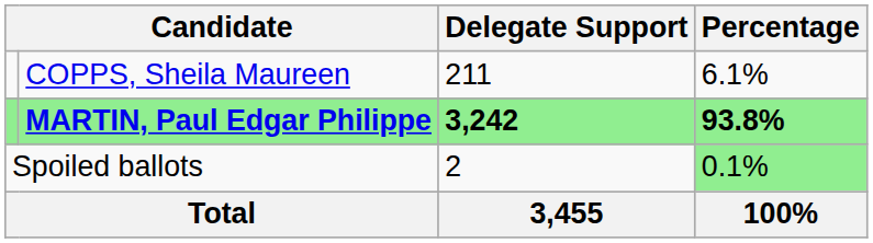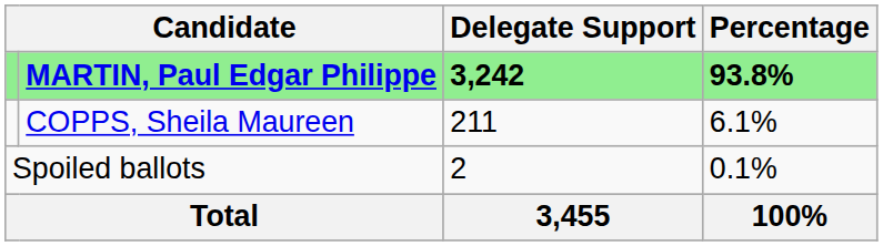 <table class="wikitable">
 <tr>
 <th colspan="2">Candidate</th>
 <th>Delegate Support</th>
 <th>Percentage</th>
-</tr>
-<tr>
-<td></td>
-<td><a href='#'>COPPS, Sheila Maureen</a></td>
-<td>211</td>
-<td>6.1%</td>
 </tr>
 <tr style="background:lightgreen;">
 <td></td>
 <td><strong><a href='#'>MARTIN, Paul Edgar Philippe</a></strong></td>
 <td><strong>3,242</strong></td>
 <td><strong>93.8%</strong></td>
 </tr>
 <tr>
+<td></td>
+<td><a href='#'>COPPS, Sheila Maureen</a></td>
+<td>211</td>
+<td>6.1%</td>
+</tr>
+<tr>
 <td colspan="2">Spoiled ballots</td>
 <td>2</td>
-<td style="background: lightgreen;">0.1%</td>
+<td>0.1%</td>
 </tr>
 <tr>
 <th colspan="2">Total</th>
 <th>3,455</th>
 <th>100%</th>
 </tr>
 </table>
